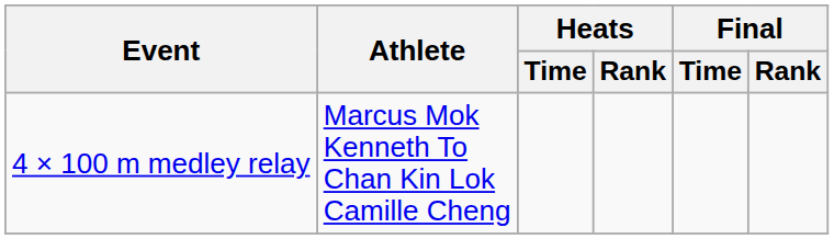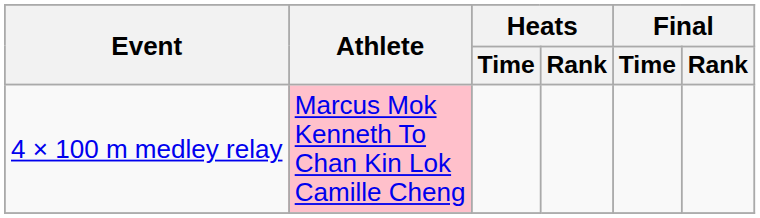 <table class=wikitable style="font-size:90%">
 <tr>
 <th rowspan="2">Event</th>
 <th rowspan="2">Athlete</th>
 <th colspan="2">Heats</th>
 <th colspan="2">Final</th>
 </tr>
 <tr style="font-size:95%">
 <th>Time</th>
 <th>Rank</th>
 <th>Time</th>
 <th>Rank</th>
 </tr>
 <tr align=center>
 <td align=left><a href='#'>4 × 100 m medley relay</a></td>
-<td align=left><a href='#'>Marcus Mok</a><br><a href='#'>Kenneth To</a><br><a href='#'>Chan Kin Lok</a><br><a href='#'>Camille Cheng</a></td>
+<td align=left style="background: pink;"><a href='#'>Marcus Mok</a><br><a href='#'>Kenneth To</a><br><a href='#'>Chan Kin Lok</a><br><a href='#'>Camille Cheng</a></td>
 <td></td>
 <td></td>
 <td></td>
 <td></td>
 </tr>
 </table>
